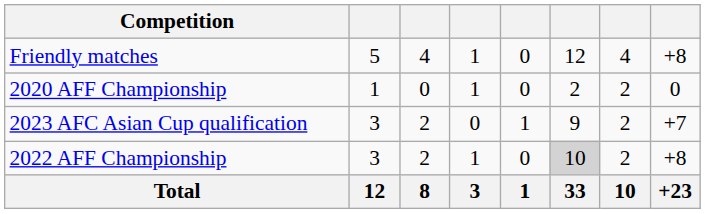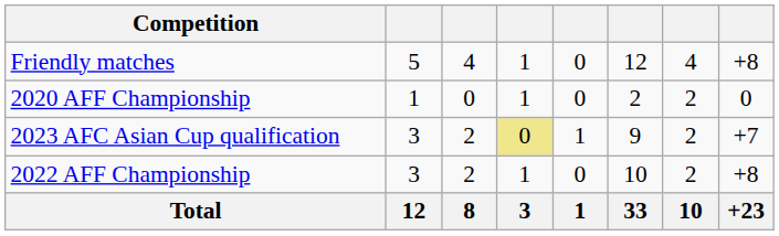 <table class="wikitable" style="text-align: center;">
 <tr>
 <th width=250>Competition</th>
 <th width=30></th>
 <th width=30></th>
 <th width=30></th>
 <th width=30></th>
 <th width=30></th>
 <th width=30></th>
 <th width=30></th>
 </tr>
 <tr>
 <td align="left"><a href='#'>Friendly matches</a></td>
 <td>5</td>
 <td>4</td>
 <td>1</td>
 <td>0</td>
 <td>12</td>
 <td>4</td>
 <td>+8</td>
 </tr>
 <tr>
 <td align="left"><a href='#'>2020 AFF Championship</a></td>
 <td>1</td>
 <td>0</td>
 <td>1</td>
 <td>0</td>
 <td>2</td>
 <td>2</td>
 <td>0</td>
 </tr>
 <tr>
 <td align="left"><a href='#'>2023 AFC Asian Cup qualification</a></td>
 <td>3</td>
 <td>2</td>
-<td>0</td>
+<td style="background: khaki;">0</td>
 <td>1</td>
 <td>9</td>
 <td>2</td>
 <td>+7</td>
 </tr>
 <tr>
 <td align="left"><a href='#'>2022 AFF Championship</a></td>
 <td>3</td>
 <td>2</td>
 <td>1</td>
 <td>0</td>
-<td style="background: lightgrey;">10</td>
+<td>10</td>
 <td>2</td>
 <td>+8</td>
 </tr>
 <tr>
 <th>Total</th>
 <th>12</th>
 <th>8</th>
 <th>3</th>
 <th>1</th>
 <th>33</th>
 <th>10</th>
 <th>+23</th>
 </tr>
 </table>
